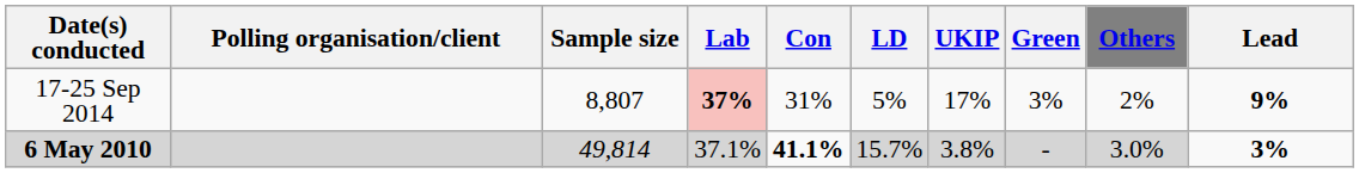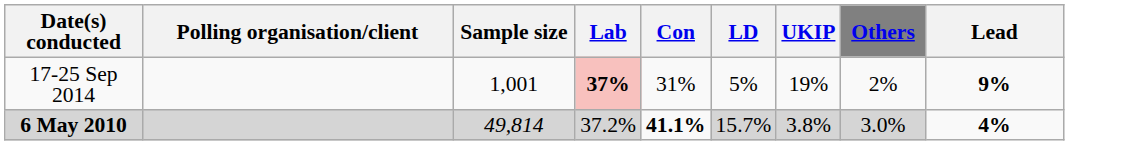 <table class="wikitable sortable" style="text-align:center;font-size:90%;line-height:14px">
 <tr>
 <th ! style="width:85px;">Date(s)<br>conducted</th>
 <th style="width:200px;">Polling organisation/client</th>
 <th class="unsortable" style="width:75px;">Sample size</th>
 <th class="unsortable" style="background:"><a href='#'><span>Lab</span></a></th>
 <th class="unsortable" style="background:"><a href='#'><span>Con</span></a></th>
 <th class="unsortable" style="background:"><a href='#'><span>LD</span></a></th>
 <th class="unsortable" style="background:"><a href='#'><span>UKIP</span></a></th>
-<th class="unsortable" style="background:"><a href='#'><span>Green</span></a></th>
 <th class="unsortable" style="background:gray; width:50px;"><a href='#'><span>Others</span></a></th>
 <th class="unsortable" style="width:85px;">Lead</th>
 </tr>
 <tr>
 <td>17-25 Sep 2014</td>
 <td></td>
-<td>8,807</td>
+<td>1,001</td>
 <td style="background:#F8C1BE"><strong>37%</strong></td>
 <td>31%</td>
 <td>5%</td>
-<td>17%</td>
-<td>3%</td>
+<td>19%</td>
 <td>2%</td>
 <td style="background:"><strong>9%</strong></td>
 </tr>
 <tr>
 <td style="background:#D5D5D5"><strong>6 May 2010</strong></td>
 <td style="background:#D5D5D5"></td>
 <td style="background:#D5D5D5"><em>49,814</em></td>
-<td style="background:#D5D5D5">37.1%</td>
+<td style="background:#D5D5D5">37.2%</td>
 <td style="background:"><strong>41.1%</strong></td>
 <td style="background:#D5D5D5">15.7%</td>
 <td style="background:#D5D5D5">3.8%</td>
-<td style="background:#D5D5D5">-</td>
 <td style="background:#D5D5D5">3.0%</td>
-<td style="background:"><strong>3% </strong></td>
+<td style="background:"><strong>4% </strong></td>
 </tr>
 </table>
